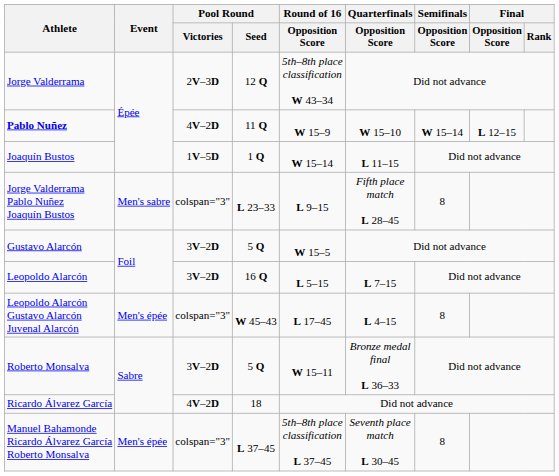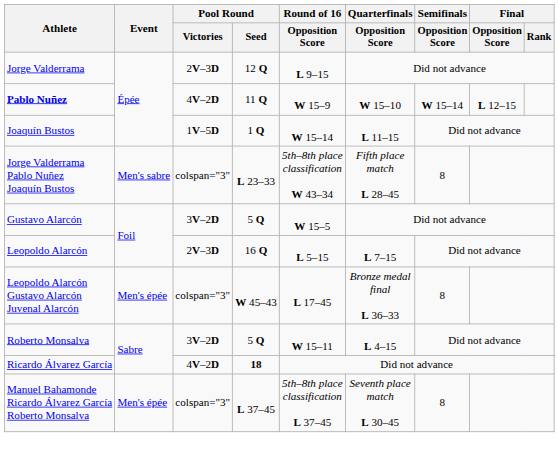 <table class=wikitable style="font-size:90%">
 <tr>
 <th rowspan="2">Athlete</th>
 <th rowspan="2">Event</th>
 <th colspan=2>Pool Round</th>
 <th>Round of 16</th>
 <th>Quarterfinals</th>
 <th>Semifinals</th>
 <th colspan=2>Final</th>
 </tr>
 <tr style="font-size:95%">
 <th>Victories</th>
 <th>Seed</th>
 <th>Opposition<br>Score</th>
 <th>Opposition<br>Score</th>
 <th>Opposition<br>Score</th>
 <th>Opposition<br>Score</th>
 <th>Rank</th>
 </tr>
 <tr style="text-align:center">
 <td style="text-align:left"><a href='#'>Jorge Valderrama</a></td>
 <td style="text-align:left" rowspan=3><a href='#'>Épée</a></td>
 <td>2<strong>V</strong>–3<strong>D</strong></td>
 <td>12 <strong>Q</strong></td>
-<td><em>5th–8th place<br>classification</em><br><br><strong>W</strong> 43–34</td>
+<td><br><strong>L</strong> 9–15</td>
 <td colspan="4">Did not advance</td>
 </tr>
 <tr style="text-align:center">
 <td style="text-align:left"><strong><a href='#'>Pablo Nuñez</a></strong></td>
 <td>4<strong>V</strong>–2<strong>D</strong></td>
 <td>11 <strong>Q</strong></td>
 <td><br><strong>W</strong> 15–9</td>
 <td><br><strong>W</strong> 15–10</td>
 <td><br><strong>W</strong> 15–14</td>
 <td><br><strong>L</strong> 12–15</td>
 <td></td>
 </tr>
 <tr style="text-align:center"'>
 <td style="text-align:left"><a href='#'>Joaquín Bustos</a></td>
 <td>1<strong>V</strong>–5<strong>D</strong></td>
 <td>1 <strong>Q</strong></td>
 <td><br><strong>W</strong> 15–14</td>
 <td><br><strong>L</strong> 11–15</td>
 <td colspan="3">Did not advance</td>
 </tr>
 <tr style="text-align:center">
 <td style="text-align:left"><a href='#'>Jorge Valderrama</a><br><a href='#'>Pablo Nuñez</a><br><a href='#'>Joaquín Bustos</a></td>
 <td style="text-align:left"><a href='#'>Men's sabre</a></td>
 <td>colspan="3" </td>
 <td><br><strong>L</strong> 23–33</td>
-<td><br><strong>L</strong> 9–15</td>
+<td><em>5th–8th place<br>classification</em><br><br><strong>W</strong> 43–34</td>
 <td><em>Fifth place<br>match</em><br><br><strong>L</strong> 28–45</td>
 <td>8</td>
 </tr>
 <tr style="text-align:center">
 <td style="text-align:left"><a href='#'>Gustavo Alarcón</a></td>
 <td style="text-align:left" rowspan=2><a href='#'>Foil</a></td>
 <td>3<strong>V</strong>–2<strong>D</strong></td>
 <td>5 <strong>Q</strong></td>
 <td><br><strong>W</strong> 15–5</td>
 <td colspan="4">Did not advance</td>
 </tr>
 <tr style="text-align:center">
 <td style="text-align:left"><a href='#'>Leopoldo Alarcón</a></td>
-<td>3<strong>V</strong>–2<strong>D</strong></td>
+<td>2<strong>V</strong>–3<strong>D</strong></td>
 <td>16 <strong>Q</strong></td>
 <td><br><strong>L</strong> 5–15</td>
 <td><br><strong>L</strong> 7–15</td>
 <td colspan="3">Did not advance</td>
 </tr>
 <tr style="text-align:center">
 <td style="text-align:left"><a href='#'>Leopoldo Alarcón</a><br><a href='#'>Gustavo Alarcón</a><br><a href='#'>Juvenal Alarcón</a></td>
 <td style="text-align:left"><a href='#'>Men's épée</a></td>
 <td>colspan="3" </td>
 <td><br><strong>W</strong> 45–43</td>
 <td><br><strong>L</strong> 17–45</td>
-<td><br><strong>L</strong> 4–15</td>
+<td><em>Bronze medal<br>final</em><br><br><strong>L</strong> 36–33</td>
 <td>8</td>
 </tr>
 <tr style="text-align:center">
 <td style="text-align:left"><a href='#'>Roberto Monsalva</a></td>
 <td style="text-align:left" rowspan=2><a href='#'>Sabre</a></td>
 <td>3<strong>V</strong>–2<strong>D</strong></td>
 <td>5 <strong>Q</strong></td>
 <td><br><strong>W</strong> 15–11</td>
-<td><em>Bronze medal<br>final</em><br><br><strong>L</strong> 36–33</td>
+<td><br><strong>L</strong> 4–15</td>
 <td colspan="3">Did not advance</td>
 </tr>
 <tr style="text-align:center">
 <td style="text-align:left"><a href='#'>Ricardo Álvarez García</a></td>
 <td>4<strong>V</strong>–2<strong>D</strong></td>
-<td>18</td>
+<td><strong>18</strong></td>
 <td colspan="5">Did not advance</td>
 </tr>
 <tr style="text-align:center">
 <td style="text-align:left"><a href='#'>Manuel Bahamonde</a><br><a href='#'>Ricardo Álvarez García</a><br><a href='#'>Roberto Monsalva</a></td>
 <td style="text-align:left"><a href='#'>Men's épée</a></td>
 <td>colspan="3" </td>
 <td><br><strong>L</strong> 37–45</td>
 <td><em>5th–8th place<br>classification</em><br><br><strong>L</strong> 37–45</td>
 <td><em>Seventh place<br>match</em><br><br><strong>L</strong> 30–45</td>
 <td>8</td>
 </tr>
 </table>
